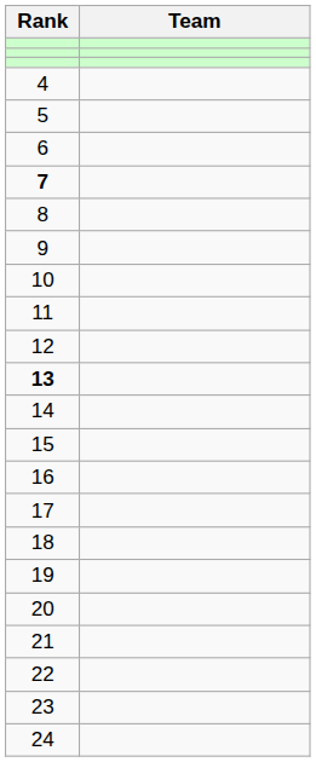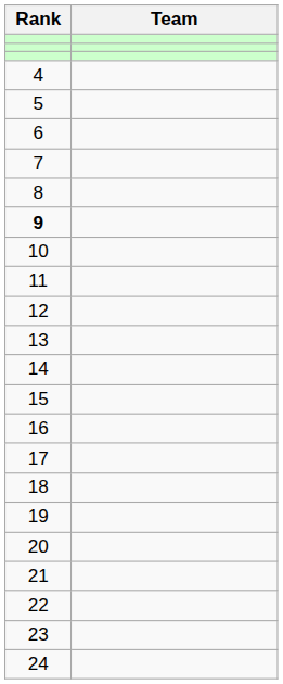 <table class="wikitable" style="text-align: center">
 <tr>
 <th width=50>Rank</th>
 <th width=170>Team</th>
 </tr>
 <tr bgcolor=#ccffcc>
 <td></td>
 <td align=left></td>
 </tr>
 <tr bgcolor=#ccffcc>
 <td></td>
 <td align=left></td>
 </tr>
 <tr bgcolor=#ccffcc>
 <td></td>
 <td align=left></td>
 </tr>
 <tr>
 <td>4</td>
 <td align=left></td>
 </tr>
 <tr>
 <td>5</td>
 <td align=left></td>
 </tr>
 <tr>
 <td>6</td>
 <td align=left></td>
 </tr>
 <tr>
-<td><strong>7</strong></td>
+<td>7</td>
 <td align=left></td>
 </tr>
 <tr>
 <td>8</td>
 <td align=left></td>
 </tr>
 <tr>
-<td>9</td>
+<td><strong>9</strong></td>
 <td align=left></td>
 </tr>
 <tr>
 <td>10</td>
 <td align=left></td>
 </tr>
 <tr>
 <td>11</td>
 <td align=left></td>
 </tr>
 <tr>
 <td>12</td>
 <td align=left></td>
 </tr>
 <tr>
-<td><strong>13</strong></td>
+<td>13</td>
 <td align=left></td>
 </tr>
 <tr>
 <td>14</td>
 <td align=left></td>
 </tr>
 <tr>
 <td>15</td>
 <td align=left></td>
 </tr>
 <tr>
 <td>16</td>
 <td align=left></td>
 </tr>
 <tr>
 <td>17</td>
 <td align=left></td>
 </tr>
 <tr>
 <td>18</td>
 <td align=left></td>
 </tr>
 <tr>
 <td>19</td>
 <td align=left></td>
 </tr>
 <tr>
 <td>20</td>
 <td align=left></td>
 </tr>
 <tr>
 <td>21</td>
 <td align=left></td>
 </tr>
 <tr>
 <td>22</td>
 <td align=left></td>
 </tr>
 <tr>
 <td>23</td>
 <td align=left></td>
 </tr>
 <tr>
 <td>24</td>
 <td align=left></td>
 </tr>
 </table>
